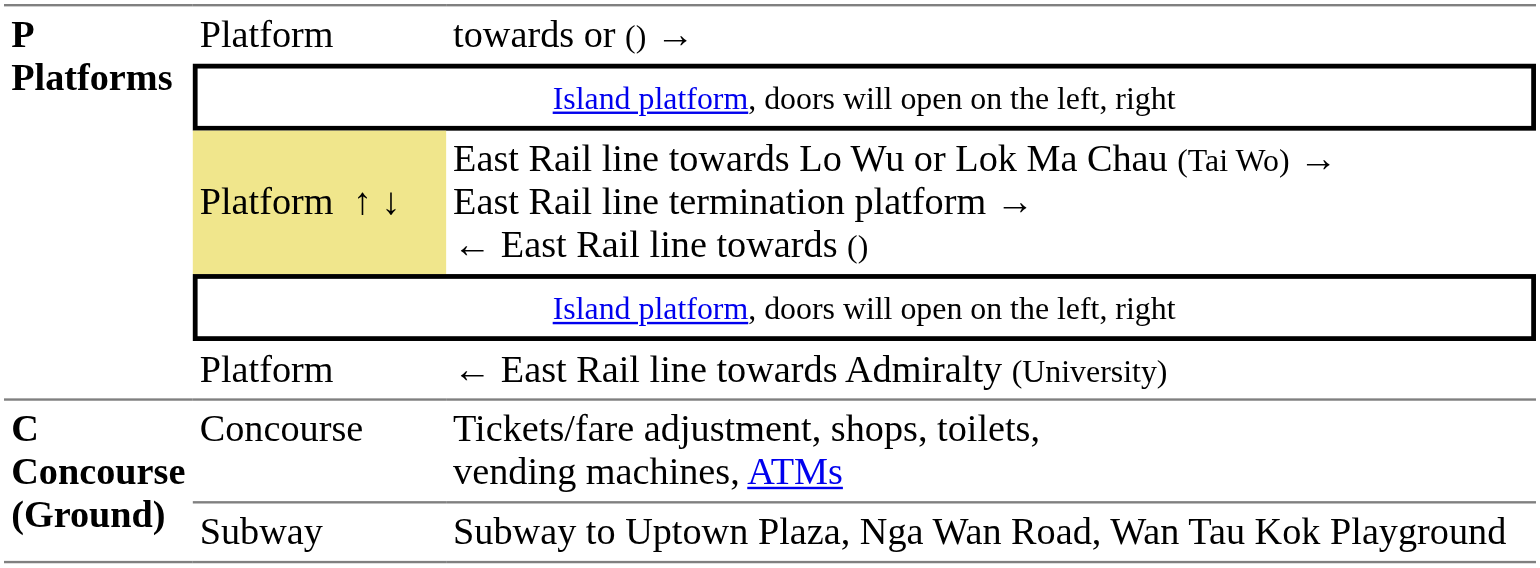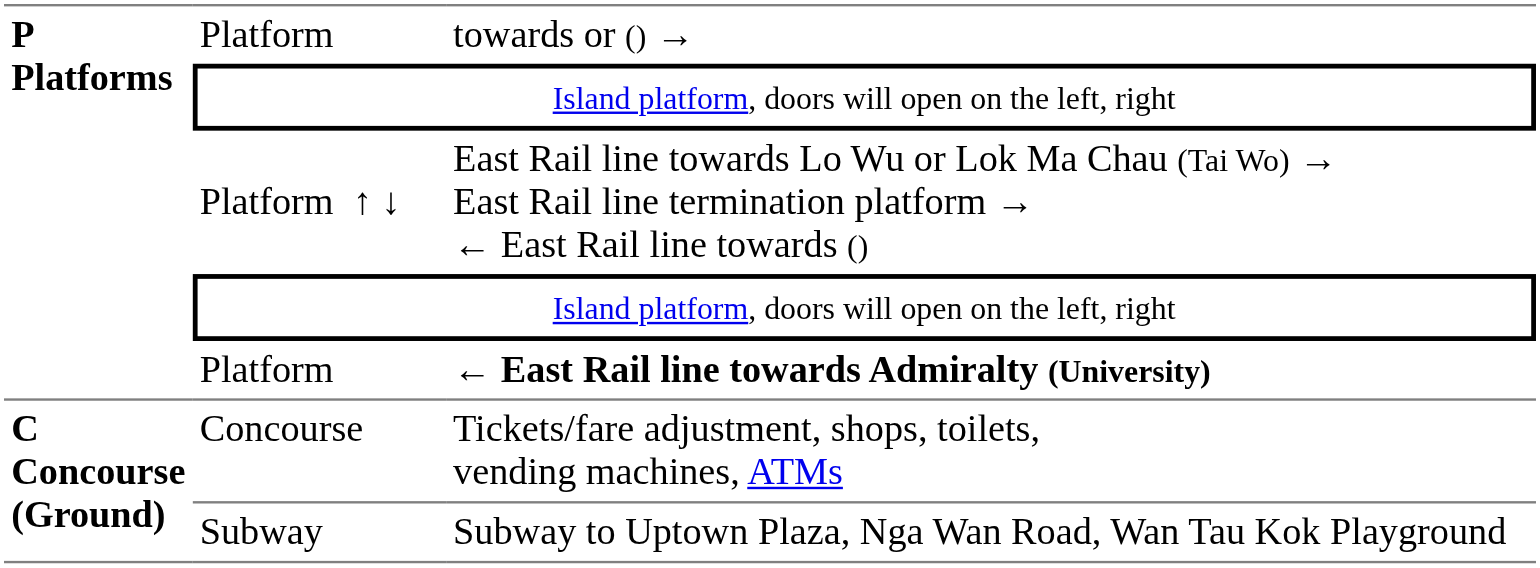 <table border=0 cellspacing=0 cellpadding=3>
 <tr>
 <td rowspan="5" style="border-top:solid 1px gray; border-bottom:solid 1px gray; vertical-align:top; width:50px;"><strong>P<br>Platforms</strong></td>
 <td style="border-top:solid 1px gray;width:100px;">Platform </td>
 <td style="border-top:solid 1px gray;width:450px;">  towards  or  <small>()</small> →</td>
 </tr>
 <tr>
 <td style="border-top:solid 2px black;border-right:solid 2px black;border-left:solid 2px black;border-bottom:solid 2px black;text-align:center;" colspan=2><small><a href='#'>Island platform</a>, doors will open on the left, right</small></td>
 </tr>
 <tr>
-<td style="background: khaki; border-bottom:solid 0 gray;">Platform  <span><strong> ↑ ↓</strong></span></td>
+<td style="border-bottom:solid 0 gray;">Platform  <span><strong> ↑ ↓</strong></span></td>
 <td style="border-bottom:solid 0 gray;">  East Rail line towards Lo Wu or Lok Ma Chau <small>(Tai Wo)</small> →<br>  East Rail line termination platform →<br>←  East Rail line towards  <small>()</small></td>
 </tr>
 <tr>
 <td style="border-top:solid 2px black;border-right:solid 2px black;border-left:solid 2px black;border-bottom:solid 2px black;text-align:center;" colspan=2><small><a href='#'>Island platform</a>, doors will open on the left, right</small></td>
 </tr>
 <tr>
 <td style="border-bottom:solid 1px gray;">Platform </td>
-<td style="border-bottom:solid 1px gray;">←  East Rail line towards Admiralty <small>(University)</small></td>
+<td style="border-bottom:solid 1px gray;"><strong>←  East Rail line towards Admiralty <small>(University)</small></strong></td>
 </tr>
 <tr>
 <td style="border-bottom:solid 1px gray;vertical-align:top;" rowspan=2><strong>C<br>Concourse (Ground)</strong></td>
 <td style="border-bottom:solid 1px gray;vertical-align:top;">Concourse</td>
 <td style="border-bottom:solid 1px gray;">Tickets/fare adjustment, shops, toilets,<br>vending machines, <a href='#'>ATMs</a></td>
 </tr>
 <tr>
 <td style="border-bottom:solid 1px gray;vertical-align:top;">Subway</td>
 <td style="border-bottom:solid 1px gray;">Subway to Uptown Plaza, Nga Wan Road, Wan Tau Kok Playground</td>
 </tr>
 </table>
